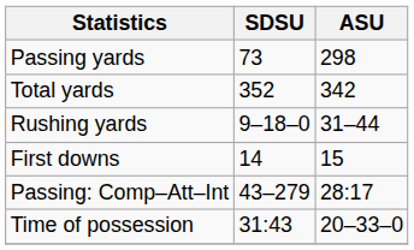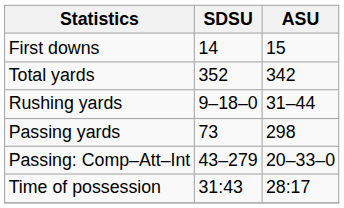 <table class="wikitable" style="float: left;">
 <tr>
 <th>Statistics</th>
 <th>SDSU</th>
 <th>ASU</th>
 </tr>
 <tr>
-<td>Passing yards</td>
-<td>73</td>
-<td>298</td>
+<td>First downs</td>
+<td>14</td>
+<td>15</td>
 </tr>
 <tr>
 <td>Total yards</td>
 <td>352</td>
 <td>342</td>
 </tr>
 <tr>
 <td>Rushing yards</td>
 <td>9–18–0</td>
 <td>31–44</td>
 </tr>
 <tr>
-<td>First downs</td>
-<td>14</td>
-<td>15</td>
+<td>Passing yards</td>
+<td>73</td>
+<td>298</td>
 </tr>
 <tr>
 <td>Passing: Comp–Att–Int</td>
 <td>43–279</td>
-<td>28:17</td>
+<td>20–33–0</td>
 </tr>
 <tr>
 <td>Time of possession</td>
 <td>31:43</td>
-<td>20–33–0</td>
+<td>28:17</td>
 </tr>
 <tr>
 </tr>
 </table>
